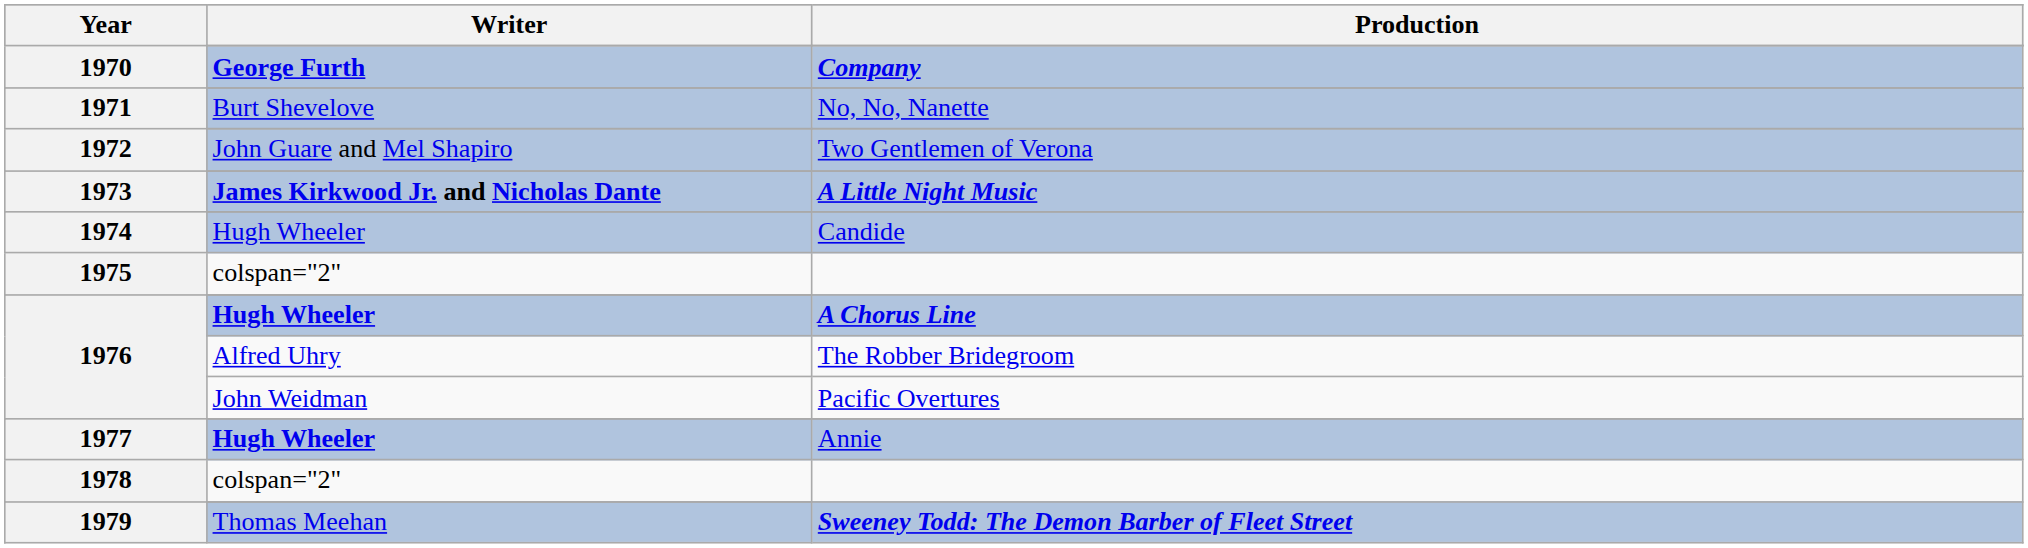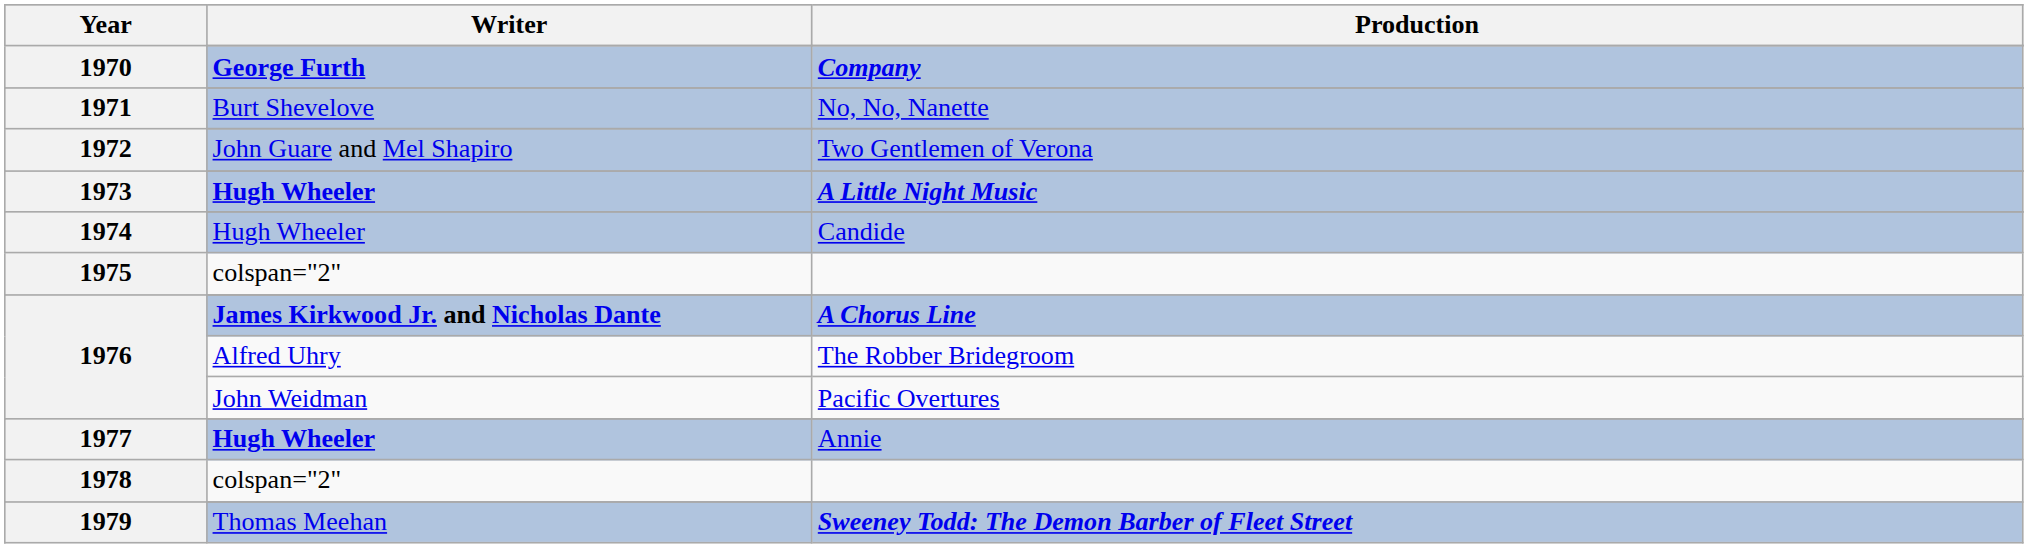 <table class="wikitable" style="width:98%;">
 <tr style="background:#bebebe;">
 <th style="width:10%;">Year</th>
 <th style="width:30%;">Writer</th>
 <th style="width:60%;">Production</th>
 </tr>
 <tr>
 <th rowspan="2" align="center">1970</th>
 </tr>
 <tr style="background:#B0C4DE">
 <td><strong><a href='#'>George Furth</a></strong></td>
 <td><strong><em><a href='#'>Company</a><em> <strong></td>
 </tr>
 <tr>
 <th rowspan="2" align="center">1971</th>
 </tr>
 <tr style="background:#B0C4DE">
 <td></strong><a href='#'>Burt Shevelove</a><strong></td>
 <td></em></strong><a href='#'>No, No, Nanette</a><strong><em></td>
 </tr>
 <tr>
 <th rowspan="2" align="center">1972</th>
 </tr>
 <tr style="background:#B0C4DE">
 <td></strong><a href='#'>John Guare</a> and <a href='#'>Mel Shapiro</a><strong></td>
 <td></em></strong><a href='#'>Two Gentlemen of Verona</a></em> </strong></td>
 </tr>
 <tr>
 <th rowspan="2" align="center">1973</th>
 </tr>
 <tr style="background:#B0C4DE">
-<td><strong><a href='#'>James Kirkwood Jr.</a> and <a href='#'>Nicholas Dante</a></strong></td>
+<td><strong><a href='#'>Hugh Wheeler</a></strong></td>
 <td><strong><em><a href='#'>A Little Night Music</a><em> <strong></td>
 </tr>
 <tr>
 <th rowspan="2" align="center">1974</th>
 </tr>
 <tr style="background:#B0C4DE">
 <td></strong><a href='#'>Hugh Wheeler</a><strong></td>
 <td></em></strong><a href='#'>Candide</a></em> </strong></td>
 </tr>
 <tr>
 <th align="center">1975</th>
 <td>colspan="2" </td>
 </tr>
 <tr>
 <th rowspan="4" align="center">1976</th>
 </tr>
 <tr style="background:#B0C4DE">
-<td><strong><a href='#'>Hugh Wheeler</a></strong></td>
+<td><strong><a href='#'>James Kirkwood Jr.</a> and <a href='#'>Nicholas Dante</a></strong></td>
 <td><strong><em><a href='#'>A Chorus Line</a><em> <strong></td>
 </tr>
 <tr>
 <td><a href='#'>Alfred Uhry</a></td>
 <td></em><a href='#'>The Robber Bridegroom</a><em></td>
 </tr>
 <tr>
 <td><a href='#'>John Weidman</a></td>
 <td></em><a href='#'>Pacific Overtures</a><em></td>
 </tr>
 <tr>
 <th rowspan="2" align="center">1977</th>
 </tr>
 <tr style="background:#B0C4DE">
 <td><strong><a href='#'>Hugh Wheeler</a></strong></td>
 <td></em></strong><a href='#'>Annie</a></em> </strong></td>
 </tr>
 <tr>
 <th align="center">1978</th>
 <td>colspan="2" </td>
 </tr>
 <tr>
 <th rowspan="2" align="center">1979</th>
 </tr>
 <tr style="background:#B0C4DE">
 <td></strong><a href='#'>Thomas Meehan</a><strong></td>
 <td><strong><em><a href='#'>Sweeney Todd: The Demon Barber of Fleet Street</a><em> <strong></td>
 </tr>
 </table>
